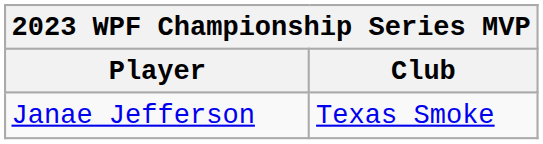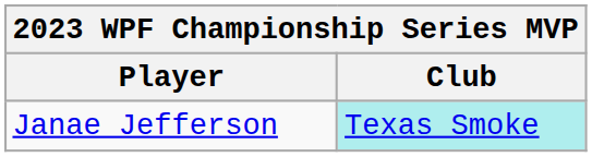 <table class="wikitable">
 <tr>
 <th colspan=3>2023 WPF Championship Series MVP</th>
 </tr>
 <tr>
 <th>Player</th>
 <th>Club</th>
 </tr>
 <tr>
 <td><a href='#'>Janae Jefferson</a></td>
-<td><a href='#'>Texas Smoke</a></td>
+<td style="background: paleturquoise;"><a href='#'>Texas Smoke</a></td>
 </tr>
 </table>
